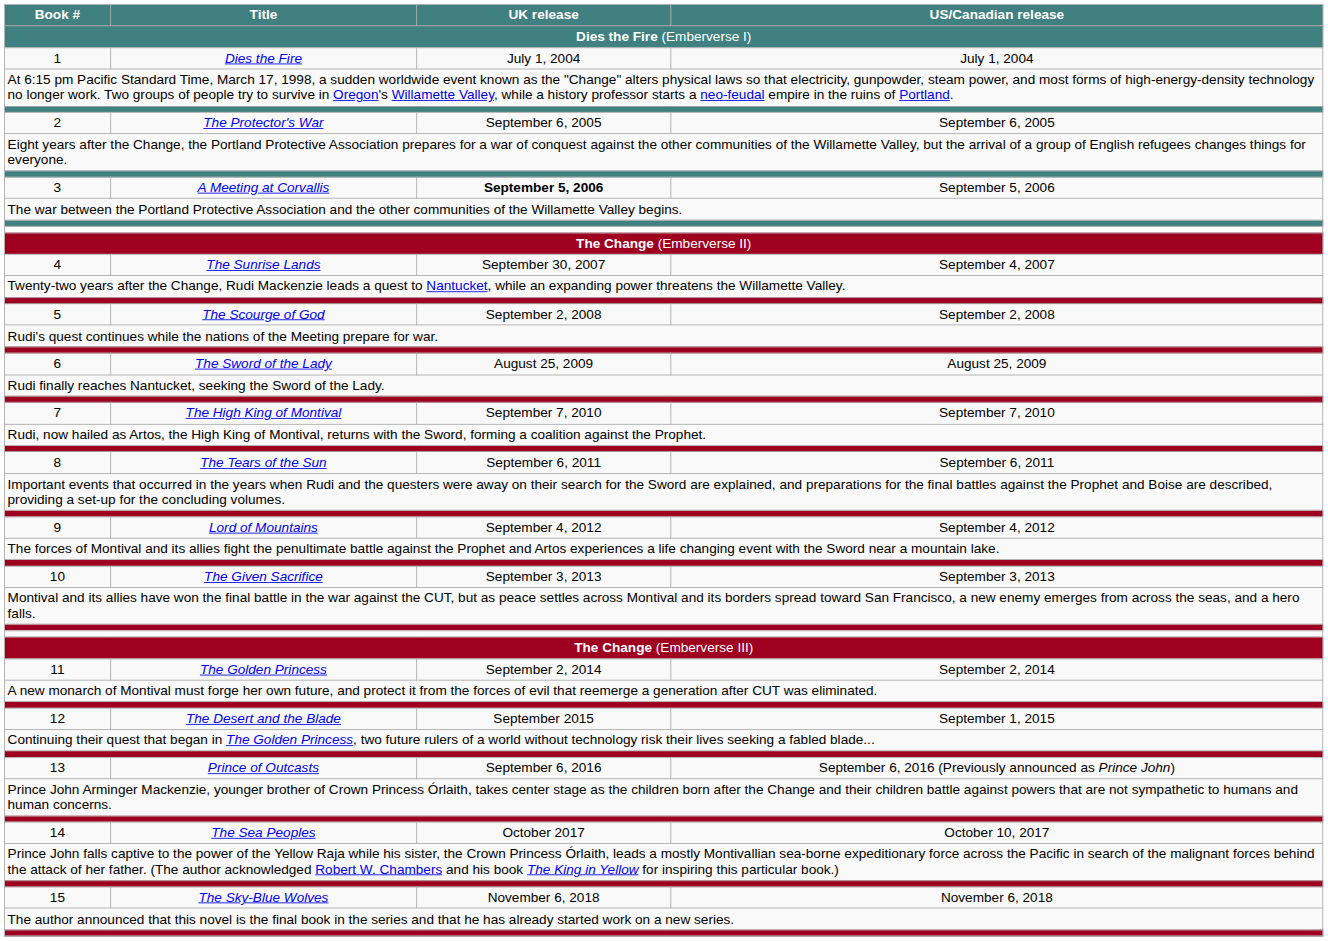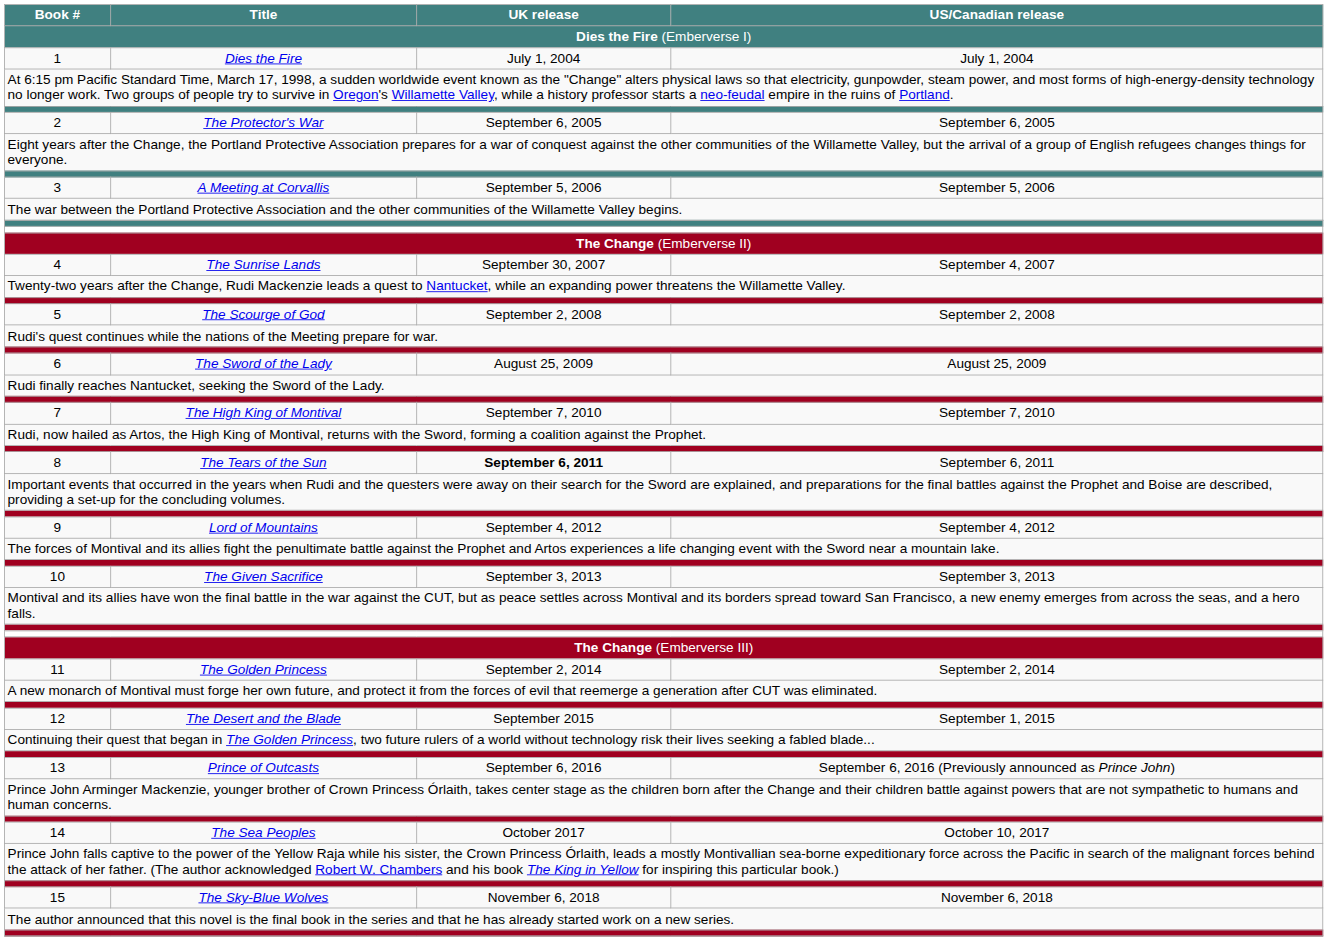 <table class="wikitable" style="width:98%; background-color:#FFFFF">
 <tr style="color:white">
 <th style="background-color: #408080;">Book #</th>
 <th style="background-color: #408080;">Title</th>
 <th style="background-color: #408080;">UK release</th>
 <th style="background-color: #408080;">US/Canadian release</th>
 </tr>
 <tr style="color:white">
 <td colspan="6" bgcolor="#408080" align="center"><strong>Dies the Fire</strong> (Emberverse I)</td>
 </tr>
 <tr>
 <td align="center">1</td>
 <td align="center"><em><a href='#'>Dies the Fire</a></em></td>
 <td align="center">July 1, 2004</td>
 <td align="center">July 1, 2004</td>
 </tr>
 <tr>
 <td colspan="6">At 6:15 pm Pacific Standard Time, March 17, 1998, a sudden worldwide event known as the "Change" alters physical laws so that electricity, gunpowder, steam power, and most forms of high-energy-density technology no longer work. Two groups of people try to survive in <a href='#'>Oregon</a>'s <a href='#'>Willamette Valley</a>, while a history professor starts a <a href='#'>neo-feudal</a> empire in the ruins of <a href='#'>Portland</a>.</td>
 </tr>
 <tr>
 <td colspan="6" bgcolor="#408080"></td>
 </tr>
 <tr>
 <td align="center">2</td>
 <td align="center"><em><a href='#'>The Protector's War</a></em></td>
 <td align="center">September 6, 2005</td>
 <td align="center">September 6, 2005</td>
 </tr>
 <tr>
 <td colspan="6">Eight years after the Change, the Portland Protective Association prepares for a war of conquest against the other communities of the Willamette Valley, but the arrival of a group of English refugees changes things for everyone.</td>
 </tr>
 <tr>
 <td colspan="6" bgcolor="#408080"></td>
 </tr>
 <tr>
 <td align="center">3</td>
 <td align="center"><em><a href='#'>A Meeting at Corvallis</a></em></td>
-<td align="center"><strong>September 5, 2006</strong></td>
+<td align="center">September 5, 2006</td>
 <td align="center">September 5, 2006</td>
 </tr>
 <tr>
 <td colspan="6">The war between the Portland Protective Association and the other communities of the Willamette Valley begins.</td>
 </tr>
 <tr style="color:white">
 </tr>
 <tr>
 <td colspan="6" bgcolor="#408080"></td>
 </tr>
 <tr>
 <td colspan="6" bgcolor="#FFFFFF"></td>
 </tr>
 <tr style="color:white">
 <td colspan="6" bgcolor="#A00020" align="center"><strong>The Change</strong> (Emberverse II)</td>
 </tr>
 <tr>
 <td align="center">4</td>
 <td align="center"><em><a href='#'>The Sunrise Lands</a></em></td>
 <td align="center">September 30, 2007</td>
 <td align="center">September 4, 2007</td>
 </tr>
 <tr>
 <td colspan="6">Twenty-two years after the Change, Rudi Mackenzie leads a quest to <a href='#'>Nantucket</a>, while an expanding power threatens the Willamette Valley.</td>
 </tr>
 <tr>
 <td colspan="6" bgcolor="#A00020"></td>
 </tr>
 <tr>
 <td align="center">5</td>
 <td align="center"><em><a href='#'>The Scourge of God</a></em></td>
 <td align="center">September 2, 2008</td>
 <td align="center">September 2, 2008</td>
 </tr>
 <tr>
 <td colspan="6">Rudi's quest continues while the nations of the Meeting prepare for war.</td>
 </tr>
 <tr>
 <td colspan="6" bgcolor="#A00020"></td>
 </tr>
 <tr>
 <td align="center">6</td>
 <td align="center"><em><a href='#'>The Sword of the Lady</a></em></td>
 <td align="center">August 25, 2009</td>
 <td align="center">August 25, 2009</td>
 </tr>
 <tr>
 <td colspan="6">Rudi finally reaches Nantucket, seeking the Sword of the Lady.</td>
 </tr>
 <tr>
 <td colspan="6" bgcolor="#A00020"></td>
 </tr>
 <tr>
 <td align="center">7</td>
 <td align="center"><em><a href='#'>The High King of Montival</a></em></td>
 <td align="center">September 7, 2010</td>
 <td align="center">September 7, 2010</td>
 </tr>
 <tr>
 <td colspan="6">Rudi, now hailed as Artos, the High King of Montival, returns with the Sword, forming a coalition against the Prophet.</td>
 </tr>
 <tr>
 <td colspan="6" bgcolor="#A00020"></td>
 </tr>
 <tr>
 <td align="center">8</td>
 <td align="center"><em><a href='#'>The Tears of the Sun</a></em></td>
-<td align="center">September 6, 2011</td>
+<td align="center"><strong>September 6, 2011</strong></td>
 <td align="center">September 6, 2011</td>
 </tr>
 <tr>
 <td colspan="6">Important events that occurred in the years when Rudi and the questers were away on their search for the Sword are explained, and preparations for the final battles against the Prophet and Boise are described, providing a set-up for the concluding volumes.</td>
 </tr>
 <tr>
 <td colspan="6" bgcolor="#A00020"></td>
 </tr>
 <tr>
 <td align="center">9</td>
 <td align="center"><em><a href='#'>Lord of Mountains</a></em></td>
 <td align="center">September 4, 2012</td>
 <td align="center">September 4, 2012</td>
 </tr>
 <tr>
 <td colspan="6">The forces of Montival and its allies fight the penultimate battle against the Prophet and Artos experiences a life changing event with the Sword near a mountain lake.</td>
 </tr>
 <tr>
 <td colspan="6" bgcolor="#A00020"></td>
 </tr>
 <tr>
 <td align="center">10</td>
 <td align="center"><em><a href='#'>The Given Sacrifice</a></em></td>
 <td align="center">September 3, 2013</td>
 <td align="center">September 3, 2013</td>
 </tr>
 <tr>
 <td colspan="6">Montival and its allies have won the final battle in the war against the CUT, but as peace settles across Montival and its borders spread toward San Francisco, a new enemy emerges from across the seas, and a hero falls.</td>
 </tr>
 <tr>
 <td colspan="6" bgcolor="#A00020"></td>
 </tr>
 <tr>
 <td colspan="6" bgcolor="#FFFFFF"></td>
 </tr>
 <tr style="color:white">
 <td colspan="6" bgcolor="#A00020" align="center"><strong>The Change</strong> (Emberverse III)</td>
 </tr>
 <tr>
 <td align="center">11</td>
 <td align="center"><em><a href='#'>The Golden Princess</a></em></td>
 <td align="center">September 2, 2014</td>
 <td align="center">September 2, 2014</td>
 </tr>
 <tr>
 <td colspan="6">A new monarch of Montival must forge her own future, and protect it from the forces of evil that reemerge a generation after CUT was eliminated.</td>
 </tr>
 <tr>
 <td colspan="6" bgcolor="#A00020"></td>
 </tr>
 <tr>
 <td align="center">12</td>
 <td align="center"><em><a href='#'>The Desert and the Blade</a></em></td>
 <td align="center">September 2015</td>
 <td align="center">September 1, 2015</td>
 </tr>
 <tr>
 <td colspan="6">Continuing their quest that began in <em><a href='#'>The Golden Princess</a></em>, two future rulers of a world without technology risk their lives seeking a fabled blade...</td>
 </tr>
 <tr>
 <td colspan="6" bgcolor="#A00020"></td>
 </tr>
 <tr>
 <td align="center">13</td>
 <td align="center"><em><a href='#'>Prince of Outcasts</a></em></td>
 <td align="center">September 6, 2016</td>
 <td align="center">September 6, 2016 (Previously announced as <em>Prince John</em>)</td>
 </tr>
 <tr>
 <td colspan="6">Prince John Arminger Mackenzie, younger brother of Crown Princess Órlaith, takes center stage as the children born after the Change and their children battle against powers that are not sympathetic to humans and human concerns.</td>
 </tr>
 <tr>
 <td colspan="6" bgcolor="#A00020"></td>
 </tr>
 <tr>
 <td align="center">14</td>
 <td align="center"><em><a href='#'>The Sea Peoples</a></em></td>
 <td align="center">October 2017</td>
 <td align="center">October 10, 2017</td>
 </tr>
 <tr>
 <td colspan="6">Prince John falls captive to the power of the Yellow Raja while his sister, the Crown Princess Órlaith, leads a mostly Montivallian sea-borne expeditionary force across the Pacific in search of the malignant forces behind the attack of her father. (The author acknowledged <a href='#'>Robert W. Chambers</a> and his book <em><a href='#'>The King in Yellow</a></em> for inspiring this particular book.)</td>
 </tr>
 <tr>
 <td colspan="6" bgcolor="#A00020"></td>
 </tr>
 <tr>
 <td align="center">15</td>
 <td align="center"><em><a href='#'>The Sky-Blue Wolves</a></em></td>
 <td align="center">November 6, 2018</td>
 <td align="center">November 6, 2018</td>
 </tr>
 <tr>
 <td colspan="6">The author announced that this novel is the final book in the series and that he has already started work on a new series.</td>
 </tr>
 <tr>
 <td colspan="6" bgcolor="#A00020"></td>
 </tr>
 <tr>
 </tr>
 </table>
